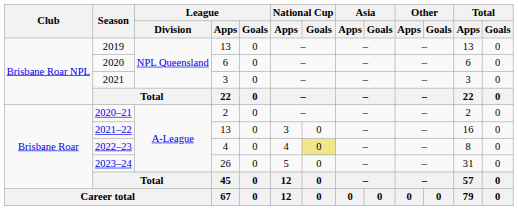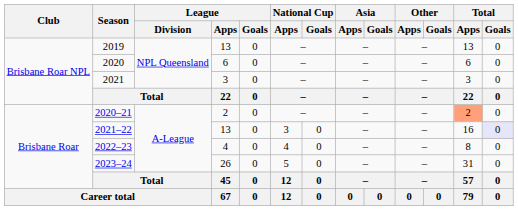 <table class="wikitable" style="text-align:center">
 <tr>
 <th rowspan=2>Club</th>
 <th rowspan=2>Season</th>
 <th colspan=3>League</th>
 <th colspan=2>National Cup</th>
 <th colspan=2>Asia</th>
 <th colspan=2>Other</th>
 <th colspan=2>Total</th>
 </tr>
 <tr>
 <th>Division</th>
 <th>Apps</th>
 <th>Goals</th>
 <th>Apps</th>
 <th>Goals</th>
 <th>Apps</th>
 <th>Goals</th>
 <th>Apps</th>
 <th>Goals</th>
 <th>Apps</th>
 <th>Goals</th>
 </tr>
 <tr>
 <td rowspan="4"><a href='#'>Brisbane Roar NPL</a></td>
 <td>2019</td>
 <td rowspan="3"><a href='#'>NPL Queensland</a></td>
 <td>13</td>
 <td>0</td>
 <td colspan="2">–</td>
 <td colspan="2">–</td>
 <td colspan="2">–</td>
 <td>13</td>
 <td>0</td>
 </tr>
 <tr>
 <td>2020</td>
 <td>6</td>
 <td>0</td>
 <td colspan="2">–</td>
 <td colspan="2">–</td>
 <td colspan="2">–</td>
 <td>6</td>
 <td>0</td>
 </tr>
 <tr>
 <td>2021</td>
 <td>3</td>
 <td>0</td>
 <td colspan="2">–</td>
 <td colspan="2">–</td>
 <td colspan="2">–</td>
 <td>3</td>
 <td>0</td>
 </tr>
 <tr>
 <th colspan=2>Total</th>
 <th>22</th>
 <th>0</th>
 <th colspan="2">–</th>
 <th colspan="2">–</th>
 <th colspan="2">–</th>
 <th>22</th>
 <th>0</th>
 </tr>
 <tr>
 <td rowspan="5"><a href='#'>Brisbane Roar</a></td>
 <td><a href='#'>2020–21</a></td>
 <td rowspan="4"><a href='#'>A-League</a></td>
 <td>2</td>
 <td>0</td>
 <td colspan="2">–</td>
 <td colspan="2">–</td>
 <td colspan="2">–</td>
-<td>2</td>
+<td style="background: lightsalmon;">2</td>
 <td>0</td>
 </tr>
 <tr>
 <td><a href='#'>2021–22</a></td>
 <td>13</td>
 <td>0</td>
 <td>3</td>
 <td>0</td>
 <td colspan="2">–</td>
 <td colspan="2">–</td>
 <td>16</td>
-<td>0</td>
+<td style="background: lavender;">0</td>
 </tr>
 <tr>
 <td><a href='#'>2022–23</a></td>
 <td>4</td>
 <td>0</td>
 <td>4</td>
-<td style="background: khaki;">0</td>
+<td>0</td>
 <td colspan="2">–</td>
 <td colspan="2">–</td>
 <td>8</td>
 <td>0</td>
 </tr>
 <tr>
 <td><a href='#'>2023–24</a></td>
 <td>26</td>
 <td>0</td>
 <td>5</td>
 <td>0</td>
 <td colspan="2">–</td>
 <td colspan="2">–</td>
 <td>31</td>
 <td>0</td>
 </tr>
 <tr>
 <th colspan=2>Total</th>
 <th>45</th>
 <th>0</th>
 <th>12</th>
 <th>0</th>
 <th colspan="2">–</th>
 <th colspan="2">–</th>
 <th>57</th>
 <th>0</th>
 </tr>
 <tr>
 <th colspan=3>Career total</th>
 <th>67</th>
 <th>0</th>
 <th>12</th>
 <th>0</th>
 <th>0</th>
 <th>0</th>
 <th>0</th>
 <th>0</th>
 <th>79</th>
 <th>0</th>
 </tr>
 </table>
